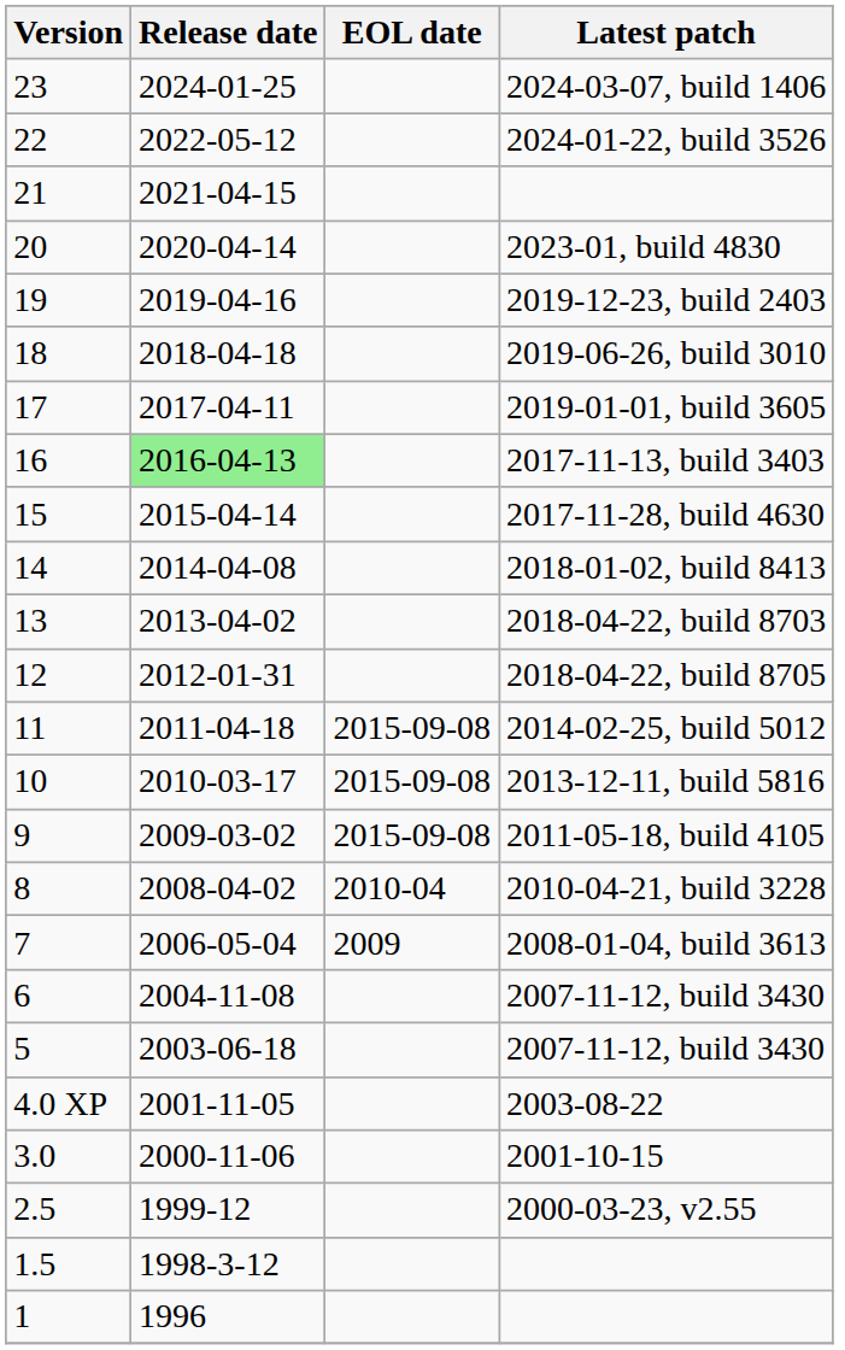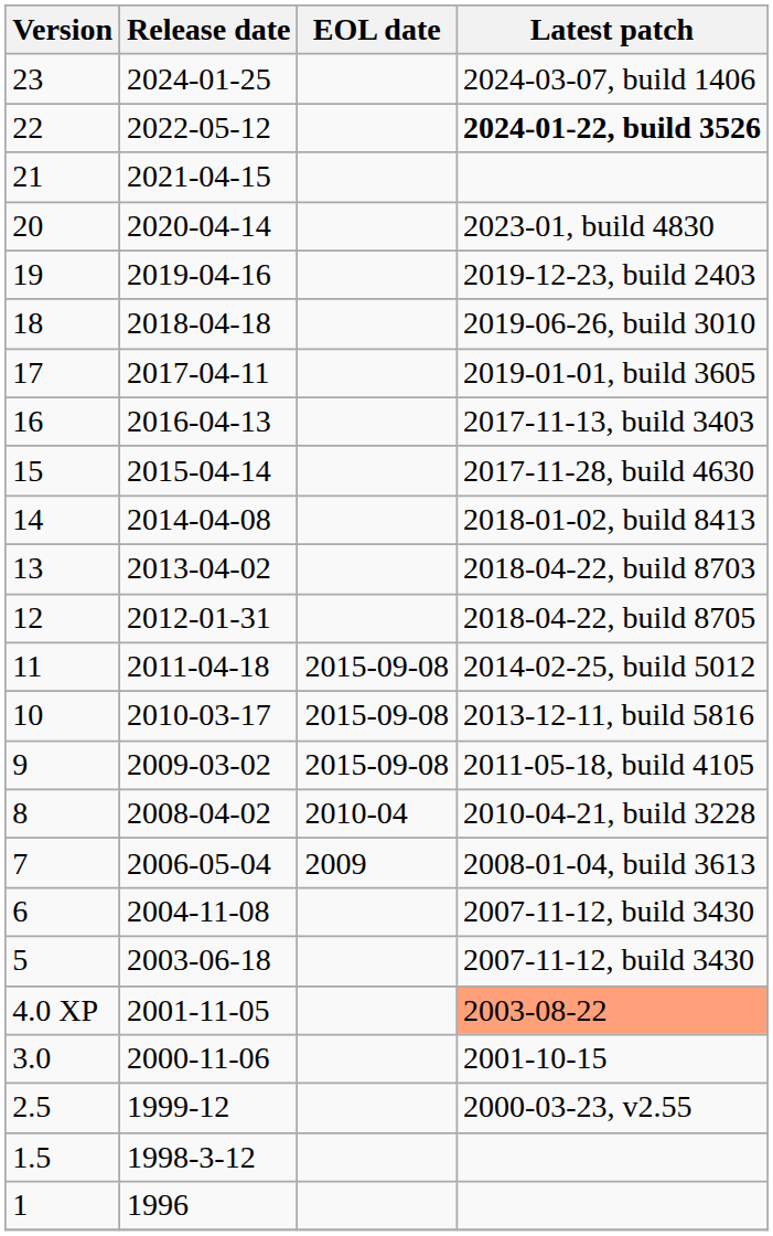 <table class="wikitable">
 <tr>
 <th>Version</th>
 <th>Release date</th>
 <th>EOL date</th>
 <th>Latest patch</th>
 </tr>
 <tr>
 <td>23</td>
 <td>2024-01-25</td>
 <td></td>
 <td>2024-03-07, build 1406</td>
 </tr>
 <tr>
 <td>22</td>
 <td>2022-05-12</td>
 <td></td>
-<td>2024-01-22, build 3526</td>
+<td><strong>2024-01-22, build 3526</strong></td>
 </tr>
 <tr>
 <td>21</td>
 <td>2021-04-15</td>
 <td></td>
 <td></td>
 </tr>
 <tr>
 <td>20</td>
 <td>2020-04-14</td>
 <td></td>
 <td>2023-01, build 4830</td>
 </tr>
 <tr>
 <td>19</td>
 <td>2019-04-16</td>
 <td></td>
 <td>2019-12-23, build 2403</td>
 </tr>
 <tr>
 <td>18</td>
 <td>2018-04-18</td>
 <td></td>
 <td>2019-06-26, build 3010</td>
 </tr>
 <tr>
 <td>17</td>
 <td>2017-04-11</td>
 <td></td>
 <td>2019-01-01, build 3605</td>
 </tr>
 <tr>
 <td>16</td>
-<td style="background: lightgreen;">2016-04-13</td>
+<td>2016-04-13</td>
 <td></td>
 <td>2017-11-13, build 3403</td>
 </tr>
 <tr>
 <td>15</td>
 <td>2015-04-14</td>
 <td></td>
 <td>2017-11-28, build 4630</td>
 </tr>
 <tr>
 <td>14</td>
 <td>2014-04-08</td>
 <td></td>
 <td>2018-01-02, build 8413</td>
 </tr>
 <tr>
 <td>13</td>
 <td>2013-04-02</td>
 <td></td>
 <td>2018-04-22, build 8703</td>
 </tr>
 <tr>
 <td>12</td>
 <td>2012-01-31</td>
 <td></td>
 <td>2018-04-22, build 8705</td>
 </tr>
 <tr>
 <td>11</td>
 <td>2011-04-18</td>
 <td>2015-09-08</td>
 <td>2014-02-25, build 5012</td>
 </tr>
 <tr>
 <td>10</td>
 <td>2010-03-17</td>
 <td>2015-09-08</td>
 <td>2013-12-11, build 5816</td>
 </tr>
 <tr>
 <td>9</td>
 <td>2009-03-02</td>
 <td>2015-09-08</td>
 <td>2011-05-18, build 4105</td>
 </tr>
 <tr>
 <td>8</td>
 <td>2008-04-02</td>
 <td>2010-04</td>
 <td>2010-04-21, build 3228</td>
 </tr>
 <tr>
 <td>7</td>
 <td>2006-05-04</td>
 <td>2009</td>
 <td>2008-01-04, build 3613</td>
 </tr>
 <tr>
 <td>6</td>
 <td>2004-11-08</td>
 <td></td>
 <td>2007-11-12, build 3430</td>
 </tr>
 <tr>
 <td>5</td>
 <td>2003-06-18</td>
 <td></td>
 <td>2007-11-12, build 3430</td>
 </tr>
 <tr>
 <td>4.0 XP</td>
 <td>2001-11-05</td>
 <td></td>
-<td>2003-08-22</td>
+<td style="background: lightsalmon;">2003-08-22</td>
 </tr>
 <tr>
 <td>3.0</td>
 <td>2000-11-06</td>
 <td></td>
 <td>2001-10-15</td>
 </tr>
 <tr>
 <td>2.5</td>
 <td>1999-12</td>
 <td></td>
 <td>2000-03-23, v2.55</td>
 </tr>
 <tr>
 <td>1.5</td>
 <td>1998-3-12</td>
 <td></td>
 </tr>
 <tr>
 <td>1</td>
 <td>1996</td>
 <td></td>
 <td></td>
 </tr>
 <tr>
 </tr>
 </table>
